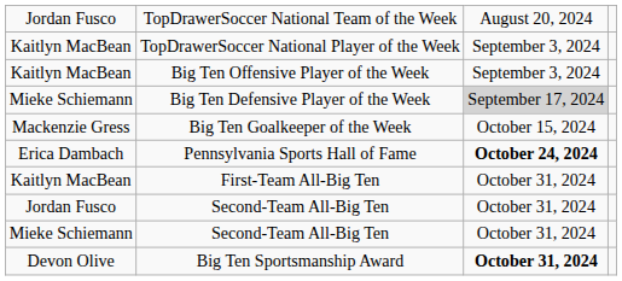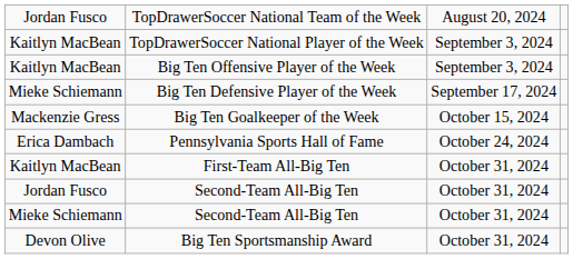 <table class="wikitable sortable" style="text-align: center">
 <tr>
 <td>Jordan Fusco</td>
 <td>TopDrawerSoccer National Team of the Week</td>
 <td>August 20, 2024</td>
 <td></td>
 </tr>
 <tr>
 <td>Kaitlyn MacBean</td>
 <td>TopDrawerSoccer National Player of the Week</td>
 <td>September 3, 2024</td>
 <td></td>
 </tr>
 <tr>
 <td>Kaitlyn MacBean</td>
 <td>Big Ten Offensive Player of the Week</td>
 <td>September 3, 2024</td>
 <td></td>
 </tr>
 <tr>
 <td>Mieke Schiemann</td>
 <td>Big Ten Defensive Player of the Week</td>
-<td style="background: lightgrey;">September 17, 2024</td>
+<td>September 17, 2024</td>
 <td></td>
 </tr>
 <tr>
 <td>Mackenzie Gress</td>
 <td>Big Ten Goalkeeper of the Week</td>
 <td>October 15, 2024</td>
 <td></td>
 </tr>
 <tr>
 <td>Erica Dambach</td>
 <td>Pennsylvania Sports Hall of Fame</td>
-<td><strong>October 24, 2024</strong></td>
+<td>October 24, 2024</td>
 <td></td>
 </tr>
 <tr>
 <td>Kaitlyn MacBean</td>
 <td>First-Team All-Big Ten</td>
 <td>October 31, 2024</td>
 <td></td>
 </tr>
 <tr>
 <td>Jordan Fusco</td>
 <td>Second-Team All-Big Ten</td>
 <td>October 31, 2024</td>
 <td></td>
 </tr>
 <tr>
 <td>Mieke Schiemann</td>
 <td>Second-Team All-Big Ten</td>
 <td>October 31, 2024</td>
 <td></td>
 </tr>
 <tr>
 <td>Devon Olive</td>
 <td>Big Ten Sportsmanship Award</td>
-<td><strong>October 31, 2024</strong></td>
+<td>October 31, 2024</td>
 <td></td>
 </tr>
 </table>
